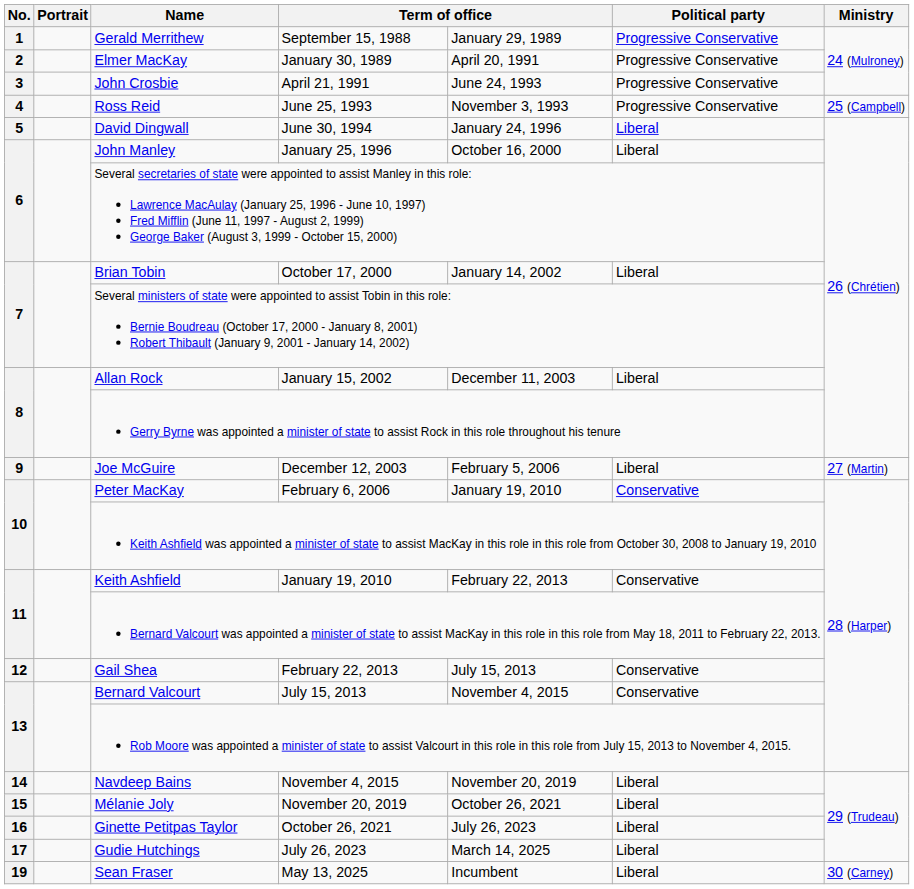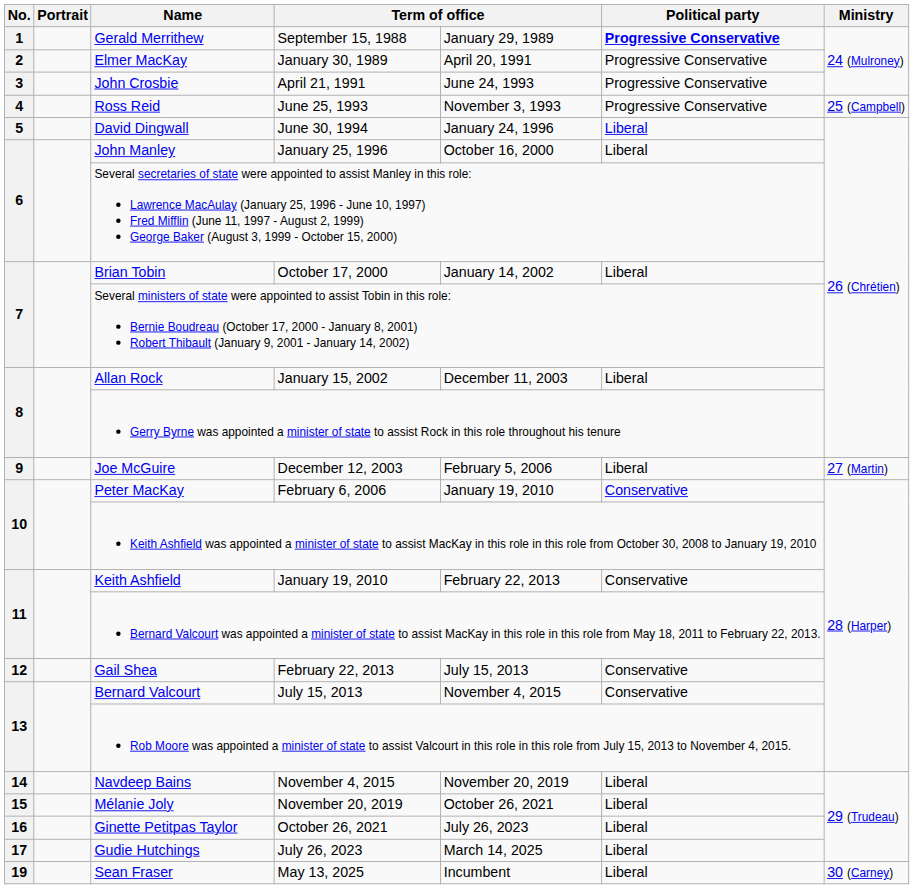 <table class="wikitable">
 <tr>
 <th>No.</th>
 <th>Portrait</th>
 <th>Name</th>
 <th colspan=2>Term of office</th>
 <th>Political party</th>
 <th>Ministry</th>
 </tr>
 <tr>
 <th style="background:">1</th>
 <td></td>
 <td><a href='#'>Gerald Merrithew</a></td>
 <td>September 15, 1988</td>
 <td>January 29, 1989</td>
-<td><a href='#'>Progressive Conservative</a></td>
+<td><strong><a href='#'>Progressive Conservative</a></strong></td>
 <td rowspan=3><a href='#'>24</a> <small>(<a href='#'>Mulroney</a>)</small></td>
 </tr>
 <tr>
 <th style="background:">2</th>
 <td></td>
 <td><a href='#'>Elmer MacKay</a></td>
 <td>January 30, 1989</td>
 <td>April 20, 1991</td>
 <td>Progressive Conservative</td>
 </tr>
 <tr>
 <th style="background:">3</th>
 <td></td>
 <td><a href='#'>John Crosbie</a></td>
 <td>April 21, 1991</td>
 <td>June 24, 1993</td>
 <td>Progressive Conservative</td>
 </tr>
 <tr>
 <th style="background:">4</th>
 <td></td>
 <td><a href='#'>Ross Reid</a></td>
 <td>June 25, 1993</td>
 <td>November 3, 1993</td>
 <td>Progressive Conservative</td>
 <td><a href='#'>25</a> <small>(<a href='#'>Campbell</a>)</small></td>
 </tr>
 <tr>
 <th style="background:">5</th>
 <td></td>
 <td><a href='#'>David Dingwall</a></td>
 <td>June 30, 1994</td>
 <td>January 24, 1996</td>
 <td><a href='#'>Liberal</a></td>
 <td rowspan=7><a href='#'>26</a> <small>(<a href='#'>Chrétien</a>)</small></td>
 </tr>
 <tr>
 <th rowspan=2 style="background:">6</th>
 <td rowspan=2></td>
 <td><a href='#'>John Manley</a></td>
 <td>January 25, 1996</td>
 <td>October 16, 2000</td>
 <td>Liberal</td>
 </tr>
 <tr>
 <td colspan=4><small>Several <a href='#'>secretaries of state</a> were appointed to assist Manley in this role:</small><br><ul><li><small><a href='#'>Lawrence MacAulay</a> (January 25, 1996 - June 10, 1997)</small></li><li><small><a href='#'>Fred Mifflin</a> (June 11, 1997 - August 2, 1999)</small></li><li><small><a href='#'>George Baker</a> (August 3, 1999 - October 15, 2000)</small></li></ul></td>
 </tr>
 <tr>
 <th rowspan=2 style="background:">7</th>
 <td rowspan=2></td>
 <td><a href='#'>Brian Tobin</a></td>
 <td>October 17, 2000</td>
 <td>January 14, 2002</td>
 <td>Liberal</td>
 </tr>
 <tr>
 <td colspan=4><small>Several <a href='#'>ministers of state</a> were appointed to assist Tobin in this role:</small><br><ul><li><small><a href='#'>Bernie Boudreau</a> (October 17, 2000 - January 8, 2001)</small></li><li><small><a href='#'>Robert Thibault</a> (January 9, 2001 - January 14, 2002)</small></li></ul></td>
 </tr>
 <tr>
 <th rowspan=2 style="background:">8</th>
 <td rowspan=2></td>
 <td><a href='#'>Allan Rock</a></td>
 <td>January 15, 2002</td>
 <td>December 11, 2003</td>
 <td>Liberal</td>
 </tr>
 <tr>
 <td colspan=4><br><ul><li><small><a href='#'>Gerry Byrne</a> was appointed a <a href='#'>minister of state</a> to assist Rock in this role throughout his tenure</small></li></ul></td>
 </tr>
 <tr>
 <th style="background:">9</th>
 <td></td>
 <td><a href='#'>Joe McGuire</a></td>
 <td>December 12, 2003</td>
 <td>February 5, 2006</td>
 <td>Liberal</td>
 <td><a href='#'>27</a> <small>(<a href='#'>Martin</a>)</small></td>
 </tr>
 <tr>
 <th rowspan=2 style="background:">10</th>
 <td rowspan=2></td>
 <td><a href='#'>Peter MacKay</a></td>
 <td>February 6, 2006</td>
 <td>January 19, 2010</td>
 <td><a href='#'>Conservative</a></td>
 <td rowspan=7><a href='#'>28</a> <small>(<a href='#'>Harper</a>)</small></td>
 </tr>
 <tr>
 <td colspan=4><br><ul><li><small><a href='#'>Keith Ashfield</a> was appointed a <a href='#'>minister of state</a> to assist MacKay in this role in this role from October 30, 2008 to January 19, 2010</small></li></ul></td>
 </tr>
 <tr>
 <th rowspan=2 style="background:">11</th>
 <td rowspan=2></td>
 <td><a href='#'>Keith Ashfield</a></td>
 <td>January 19, 2010</td>
 <td>February 22, 2013</td>
 <td>Conservative</td>
 </tr>
 <tr>
 <td colspan=4><br><ul><li><small><a href='#'>Bernard Valcourt</a> was appointed a <a href='#'>minister of state</a> to assist MacKay in this role in this role from May 18, 2011 to February 22, 2013.</small></li></ul></td>
 </tr>
 <tr>
 <th style="background:">12</th>
 <td></td>
 <td><a href='#'>Gail Shea</a></td>
 <td>February 22, 2013</td>
 <td>July 15, 2013</td>
 <td>Conservative</td>
 </tr>
 <tr>
 <th rowspan=2 style="background:">13</th>
 <td rowspan=2></td>
 <td><a href='#'>Bernard Valcourt</a></td>
 <td>July 15, 2013</td>
 <td>November 4, 2015</td>
 <td>Conservative</td>
 </tr>
 <tr>
 <td colspan=4><br><ul><li><small><a href='#'>Rob Moore</a> was appointed a <a href='#'>minister of state</a> to assist Valcourt in this role in this role from July 15, 2013 to November 4, 2015.</small></li></ul></td>
 </tr>
 <tr>
 <th style="background:">14</th>
 <td></td>
 <td><a href='#'>Navdeep Bains</a></td>
 <td>November 4, 2015</td>
 <td>November 20, 2019</td>
 <td>Liberal</td>
 <td rowspan="4"><a href='#'>29</a> <small>(<a href='#'>Trudeau</a>)</small></td>
 </tr>
 <tr>
 <th style="background:">15</th>
 <td></td>
 <td><a href='#'>Mélanie Joly</a></td>
 <td>November 20, 2019</td>
 <td>October 26, 2021</td>
 <td>Liberal</td>
 </tr>
 <tr>
 <th style="background:">16</th>
 <td></td>
 <td><a href='#'>Ginette Petitpas Taylor</a></td>
 <td>October 26, 2021</td>
 <td>July 26, 2023</td>
 <td>Liberal</td>
 </tr>
 <tr>
 <th style="background:">17</th>
 <td></td>
 <td><a href='#'>Gudie Hutchings</a></td>
 <td>July 26, 2023</td>
 <td>March 14, 2025</td>
 <td>Liberal</td>
 </tr>
 <tr>
 <th style="background:">19</th>
 <td></td>
 <td><a href='#'>Sean Fraser</a></td>
 <td>May 13, 2025</td>
 <td>Incumbent</td>
 <td>Liberal</td>
 <td><a href='#'>30</a> <small>(<a href='#'>Carney</a>)</small></td>
 </tr>
 </table>
